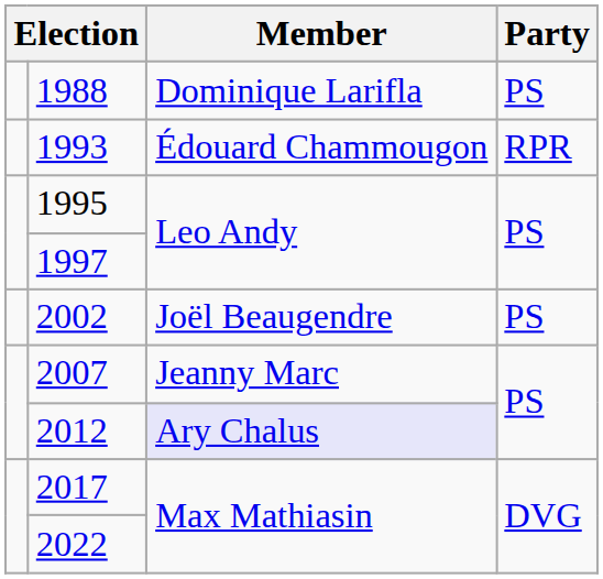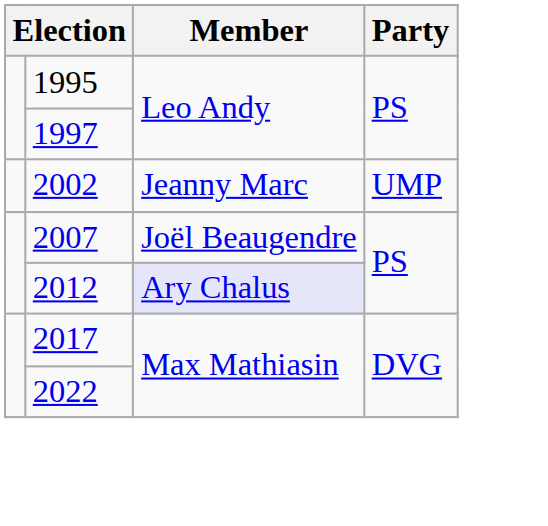 <table class="wikitable">
 <tr>
 <th colspan="2">Election</th>
 <th>Member</th>
 <th>Party</th>
-</tr>
-<tr>
-<td style="color:inherit;background-color: "></td>
-<td><a href='#'>1988</a></td>
-<td><a href='#'>Dominique Larifla</a></td>
-<td><a href='#'>PS</a></td>
-</tr>
-<tr>
-<td style="color:inherit;background-color: "></td>
-<td><a href='#'>1993</a></td>
-<td><a href='#'>Édouard Chammougon</a></td>
-<td><a href='#'>RPR</a></td>
 </tr>
 <tr>
 <td rowspan="2" style="color:inherit;background-color: "></td>
 <td>1995</td>
 <td rowspan="2"><a href='#'>Leo Andy</a></td>
 <td rowspan="2"><a href='#'>PS</a></td>
 </tr>
 <tr>
 <td><a href='#'>1997</a></td>
 </tr>
 <tr>
 <td style="color:inherit;background-color: "></td>
 <td><a href='#'>2002</a></td>
-<td><a href='#'>Joël Beaugendre</a></td>
-<td><a href='#'>PS</a></td>
+<td><a href='#'>Jeanny Marc</a></td>
+<td><a href='#'>UMP</a></td>
 </tr>
 <tr>
 <td rowspan="2" style="color:inherit;background-color: "></td>
 <td><a href='#'>2007</a></td>
-<td><a href='#'>Jeanny Marc</a></td>
+<td><a href='#'>Joël Beaugendre</a></td>
 <td rowspan="2"><a href='#'>PS</a></td>
 </tr>
 <tr>
 <td><a href='#'>2012</a></td>
 <td style="background: lavender;"><a href='#'>Ary Chalus</a></td>
 </tr>
 <tr>
 <td rowspan="2" style="color:inherit;background-color: "></td>
 <td><a href='#'>2017</a></td>
 <td rowspan="2"><a href='#'>Max Mathiasin</a></td>
 <td rowspan="2"><a href='#'>DVG</a></td>
 </tr>
 <tr>
 <td><a href='#'>2022</a></td>
 </tr>
 </table>
